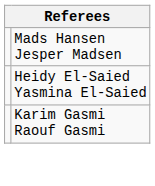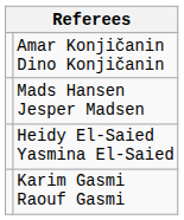 <table class="wikitable" style="display:inline-table;">
 <tr>
 <th colspan="2">Referees</th>
+</tr>
+<tr>
+<td></td>
+<td>Amar Konjičanin<br>Dino  Konjičanin</td>
 </tr>
 <tr>
 <td></td>
 <td>Mads Hansen<br>Jesper Madsen</td>
 </tr>
 <tr>
 <td></td>
 <td>Heidy El-Saied<br>Yasmina  El-Saied</td>
 </tr>
 <tr>
 <td></td>
 <td>Karim Gasmi<br>Raouf Gasmi</td>
 </tr>
 </table>
